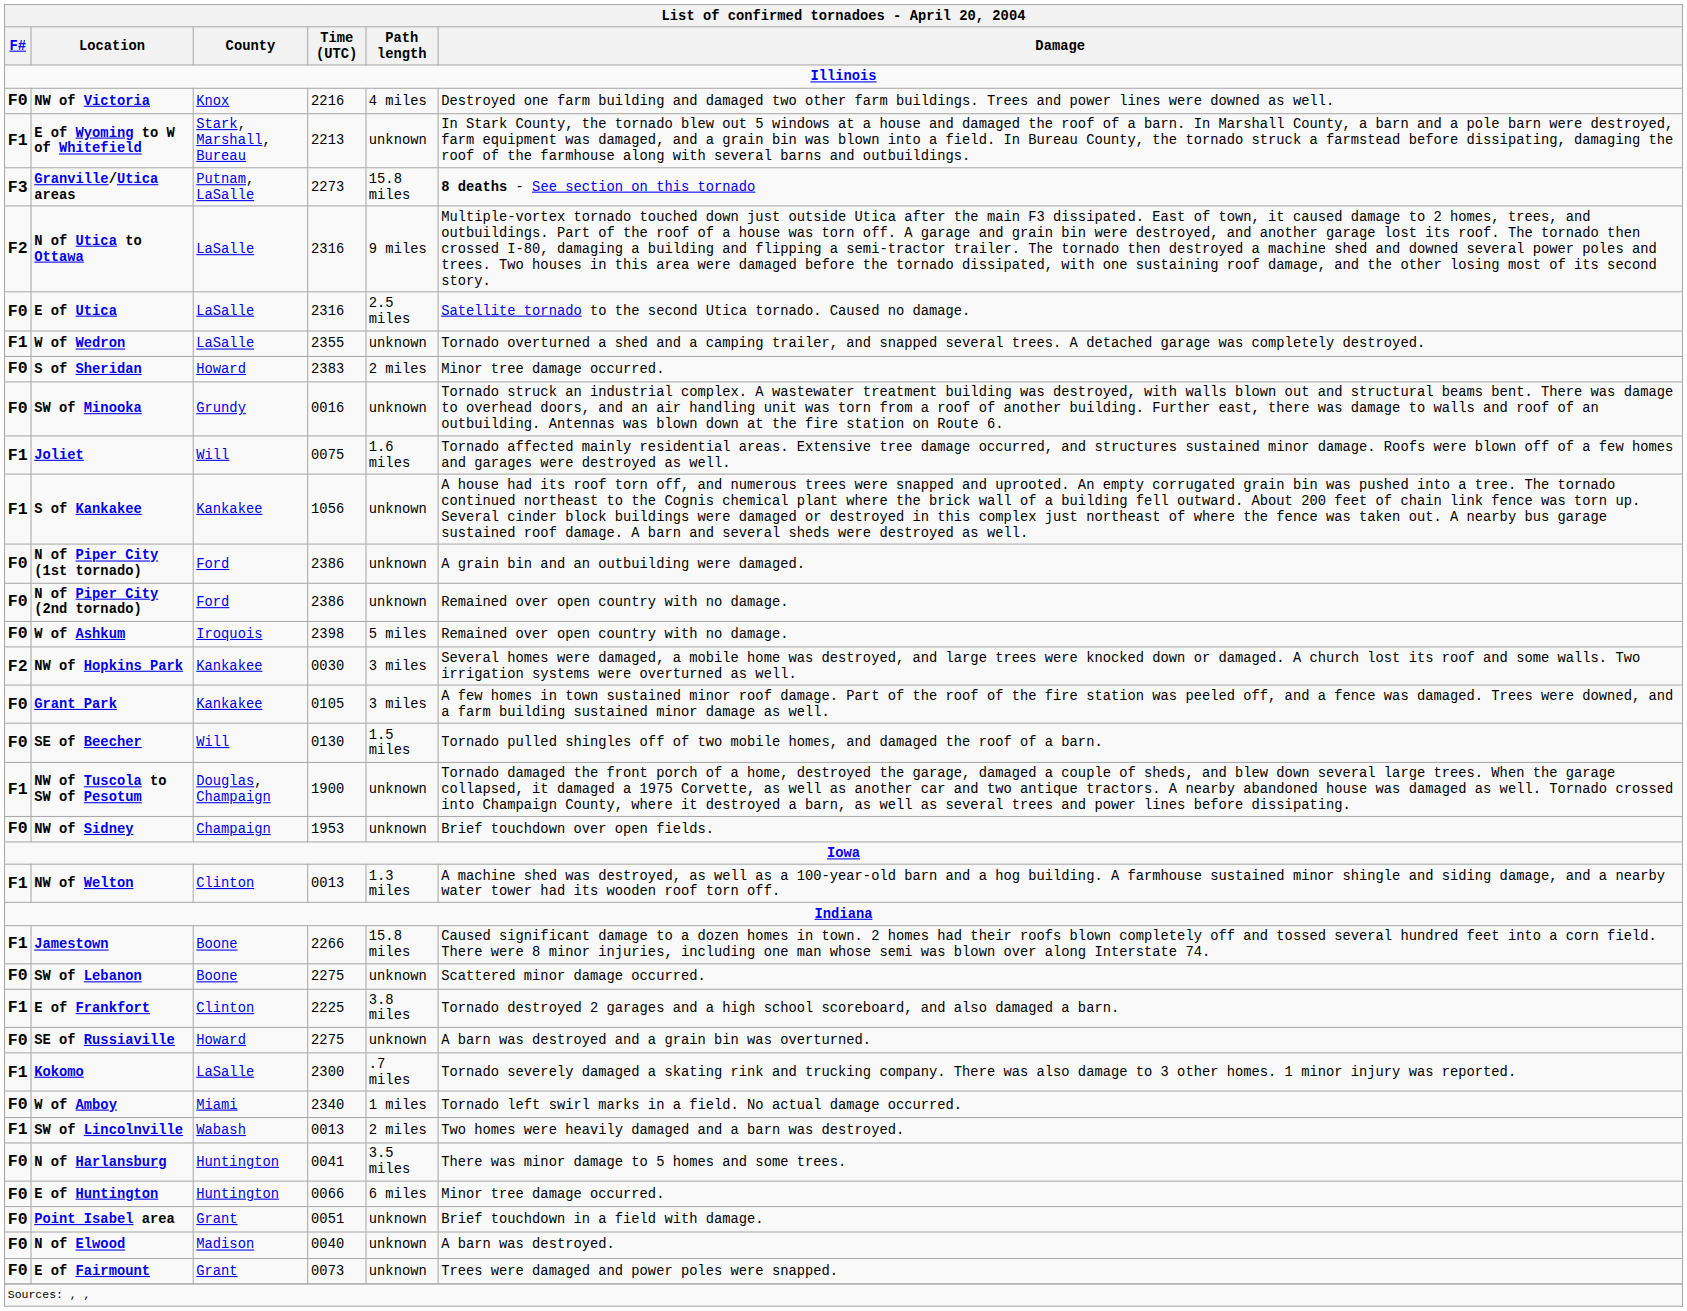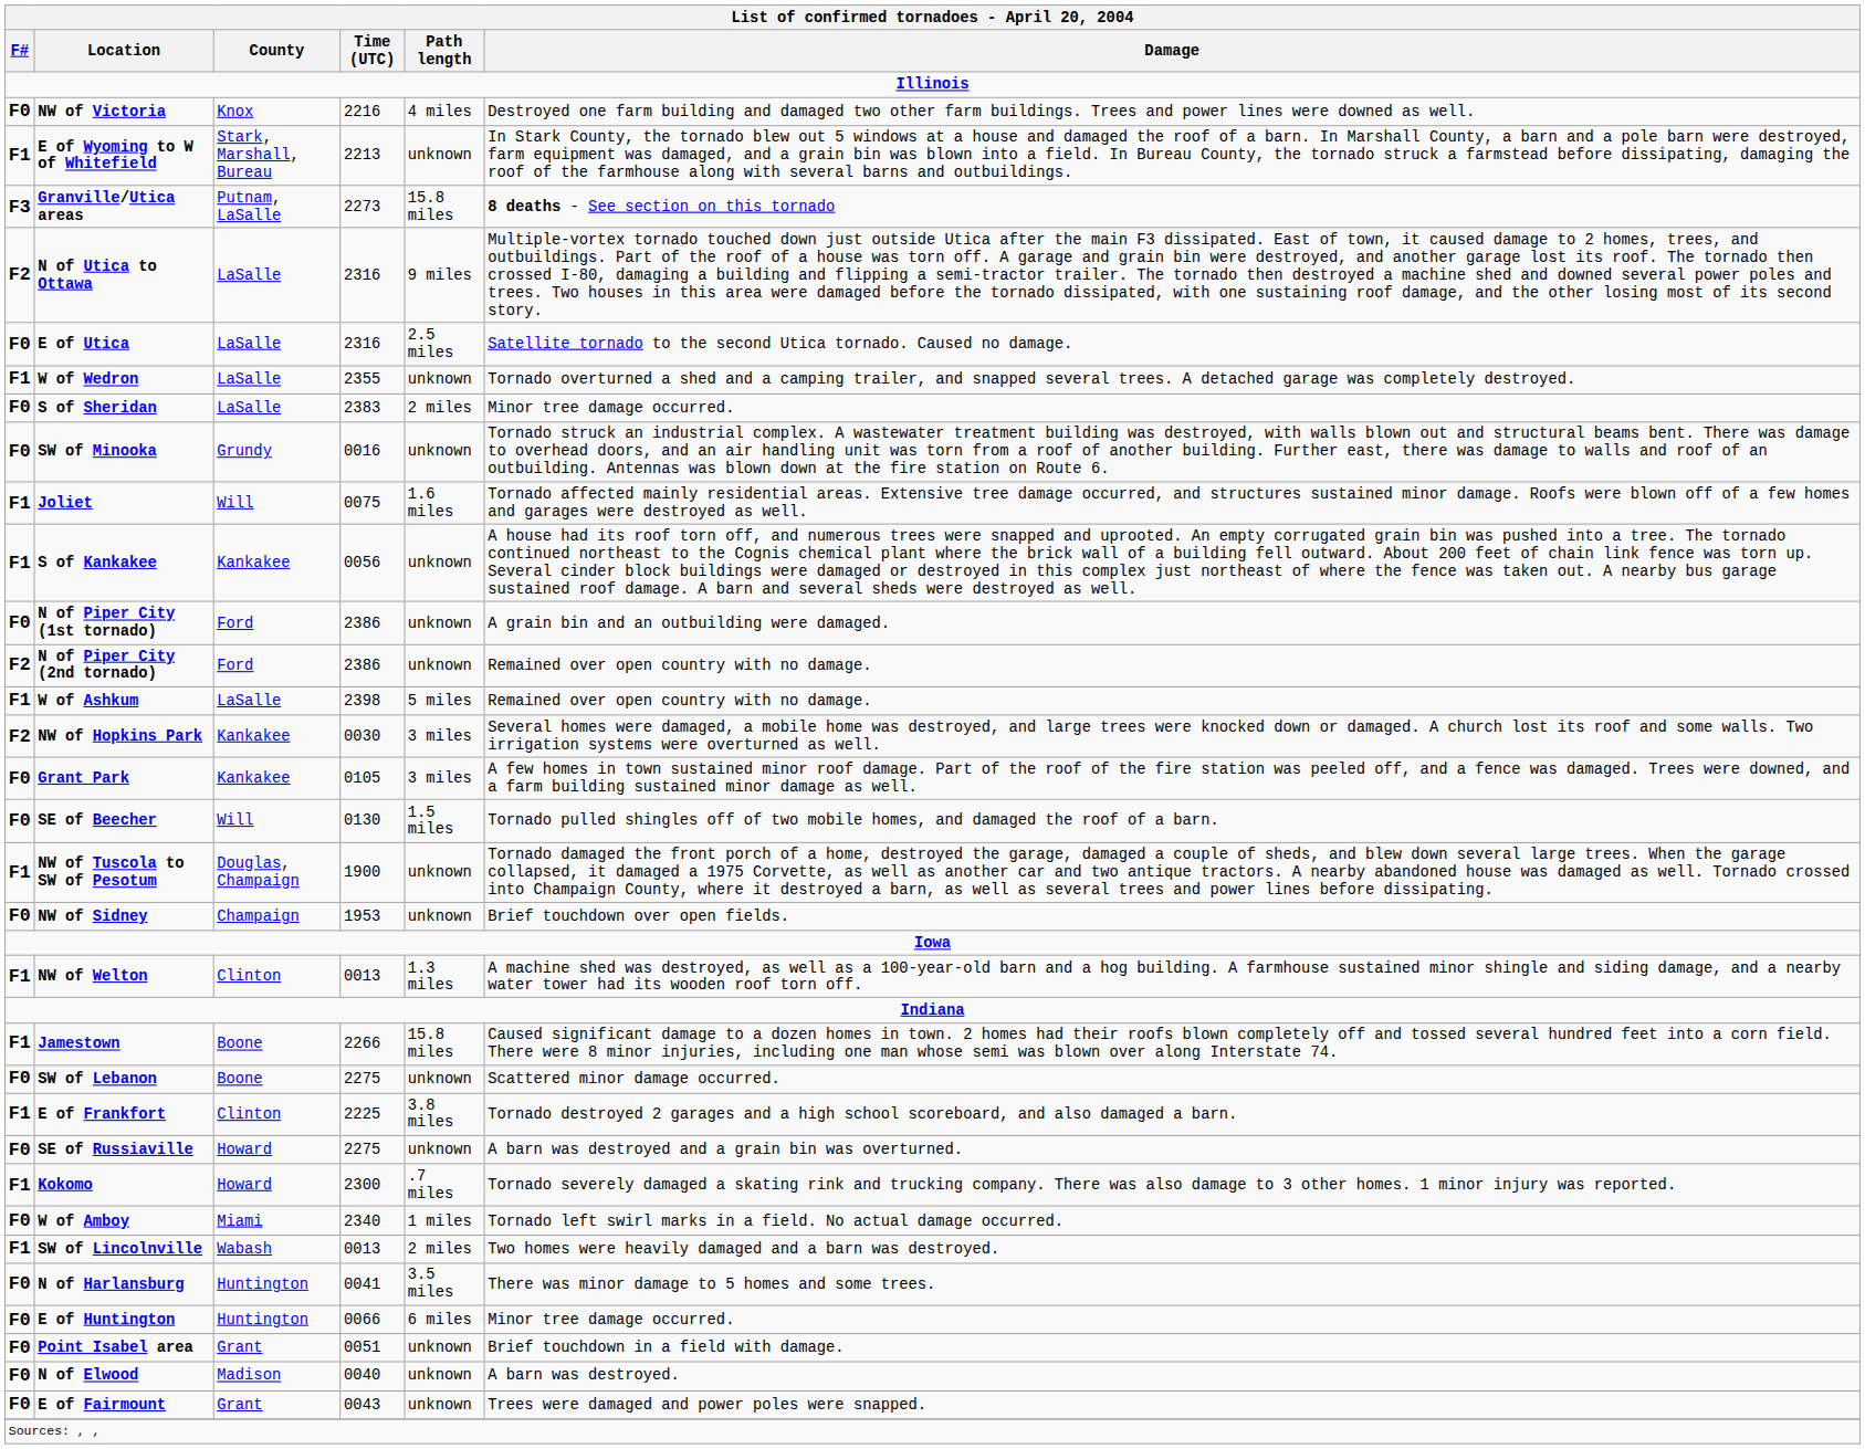 <table class="wikitable collapsible" width="100%">
 <tr>
 <th colspan="6">List of confirmed tornadoes - April 20, 2004</th>
 </tr>
 <tr>
 <th><a href='#'>F#</a></th>
 <th>Location</th>
 <th>County</th>
 <th>Time (UTC)</th>
 <th>Path length</th>
 <th>Damage</th>
 </tr>
 <tr>
 <td colspan="7" align=center><strong><a href='#'>Illinois</a></strong></td>
 </tr>
 <tr>
 <td><big><strong>F0</strong></big></td>
 <td><strong>NW of <a href='#'>Victoria</a></strong></td>
 <td><a href='#'>Knox</a></td>
 <td>2216</td>
 <td>4 miles</td>
 <td>Destroyed one farm building and damaged two other farm buildings. Trees and power lines were downed as well.</td>
 </tr>
 <tr>
 <td><big><strong>F1</strong></big></td>
 <td><strong>E of <a href='#'>Wyoming</a> to W of <a href='#'>Whitefield</a></strong></td>
 <td><a href='#'>Stark</a>, <a href='#'>Marshall</a>, <a href='#'>Bureau</a></td>
 <td>2213</td>
 <td>unknown</td>
 <td>In Stark County, the tornado blew out 5 windows at a house and damaged the roof of a barn. In Marshall County, a barn and a pole barn were destroyed, farm equipment was damaged, and a grain bin was blown into a field. In Bureau County, the tornado struck a farmstead before dissipating, damaging the roof of the farmhouse along with several barns and outbuildings.</td>
 </tr>
 <tr>
 <td><big><strong>F3</strong></big></td>
 <td><strong><a href='#'>Granville</a>/<a href='#'>Utica</a> areas</strong></td>
 <td><a href='#'>Putnam</a>, <a href='#'>LaSalle</a></td>
 <td>2273</td>
 <td>15.8 miles</td>
 <td><strong>8 deaths</strong> - <a href='#'>See section on this tornado</a></td>
 </tr>
 <tr>
 <td><big><strong>F2</strong></big></td>
 <td><strong>N of <a href='#'>Utica</a> to <a href='#'>Ottawa</a></strong></td>
 <td><a href='#'>LaSalle</a></td>
 <td>2316</td>
 <td>9 miles</td>
 <td>Multiple-vortex tornado touched down just outside Utica after the main F3 dissipated. East of town, it caused damage to 2 homes, trees, and outbuildings. Part of the roof of a house was torn off. A garage and grain bin were destroyed, and another garage lost its roof. The tornado then crossed I-80, damaging a building and flipping a semi-tractor trailer. The tornado then destroyed a machine shed and downed several power poles and trees. Two houses in this area were damaged before the tornado dissipated, with one sustaining roof damage, and the other losing most of its second story.</td>
 </tr>
 <tr>
 <td><big><strong>F0</strong></big></td>
 <td><strong>E of <a href='#'>Utica</a></strong></td>
 <td><a href='#'>LaSalle</a></td>
 <td>2316</td>
 <td>2.5 miles</td>
 <td><a href='#'>Satellite tornado</a> to the second Utica tornado. Caused no damage.</td>
 </tr>
 <tr>
 <td><big><strong>F1</strong></big></td>
 <td><strong>W of <a href='#'>Wedron</a></strong></td>
 <td><a href='#'>LaSalle</a></td>
 <td>2355</td>
 <td>unknown</td>
 <td>Tornado overturned a shed and a camping trailer, and snapped several trees. A detached garage was completely destroyed.</td>
 </tr>
 <tr>
 <td><big><strong>F0</strong></big></td>
 <td><strong>S of <a href='#'>Sheridan</a></strong></td>
-<td><a href='#'>Howard</a></td>
+<td><a href='#'>LaSalle</a></td>
 <td>2383</td>
 <td>2 miles</td>
 <td>Minor tree damage occurred.</td>
 </tr>
 <tr>
 <td><big><strong>F0</strong></big></td>
 <td><strong>SW of <a href='#'>Minooka</a></strong></td>
 <td><a href='#'>Grundy</a></td>
 <td>0016</td>
 <td>unknown</td>
 <td>Tornado struck an industrial complex. A wastewater treatment building was destroyed, with walls blown out and structural beams bent. There was damage to overhead doors, and an air handling unit was torn from a roof of another building. Further east, there was damage to walls and roof of an outbuilding. Antennas was blown down at the fire station on Route 6.</td>
 </tr>
 <tr>
 <td><big><strong>F1</strong></big></td>
 <td><strong><a href='#'>Joliet</a></strong></td>
 <td><a href='#'>Will</a></td>
 <td>0075</td>
 <td>1.6 miles</td>
 <td>Tornado affected mainly residential areas. Extensive tree damage occurred, and structures sustained minor damage. Roofs were blown off of a few homes and garages were destroyed as well.</td>
 </tr>
 <tr>
 <td><big><strong>F1</strong></big></td>
 <td><strong>S of <a href='#'>Kankakee</a></strong></td>
 <td><a href='#'>Kankakee</a></td>
-<td>1056</td>
+<td>0056</td>
 <td>unknown</td>
 <td>A house had its roof torn off, and numerous trees were snapped and uprooted. An empty corrugated grain bin was pushed into a tree. The tornado continued northeast to the Cognis chemical plant where the brick wall of a building fell outward. About 200 feet of chain link fence was torn up. Several cinder block buildings were damaged or destroyed in this complex just northeast of where the fence was taken out. A nearby bus garage sustained roof damage. A barn and several sheds were destroyed as well.</td>
 </tr>
 <tr>
 <td><big><strong>F0</strong></big></td>
 <td><strong>N of <a href='#'>Piper City</a> (1st tornado)</strong></td>
 <td><a href='#'>Ford</a></td>
 <td>2386</td>
 <td>unknown</td>
 <td>A grain bin and an outbuilding were damaged.</td>
 </tr>
 <tr>
-<td><big><strong>F0</strong></big></td>
+<td><big><strong>F2</strong></big></td>
 <td><strong>N of <a href='#'>Piper City</a> (2nd tornado)</strong></td>
 <td><a href='#'>Ford</a></td>
 <td>2386</td>
 <td>unknown</td>
 <td>Remained over open country with no damage.</td>
 </tr>
 <tr>
-<td><big><strong>F0</strong></big></td>
+<td><big><strong>F1</strong></big></td>
 <td><strong>W of <a href='#'>Ashkum</a></strong></td>
-<td><a href='#'>Iroquois</a></td>
+<td><a href='#'>LaSalle</a></td>
 <td>2398</td>
 <td>5 miles</td>
 <td>Remained over open country with no damage.</td>
 </tr>
 <tr>
 <td><big><strong>F2</strong></big></td>
 <td><strong>NW of <a href='#'>Hopkins Park</a></strong></td>
 <td><a href='#'>Kankakee</a></td>
 <td>0030</td>
 <td>3 miles</td>
 <td>Several homes were damaged, a mobile home was destroyed, and large trees were knocked down or damaged. A church lost its roof and some walls. Two irrigation systems were overturned as well.</td>
 </tr>
 <tr>
 <td><big><strong>F0</strong></big></td>
 <td><strong><a href='#'>Grant Park</a></strong></td>
 <td><a href='#'>Kankakee</a></td>
 <td>0105</td>
 <td>3 miles</td>
 <td>A few homes in town sustained minor roof damage. Part of the roof of the fire station was peeled off, and a fence was damaged. Trees were downed, and a farm building sustained minor damage as well.</td>
 </tr>
 <tr>
 <td><big><strong>F0</strong></big></td>
 <td><strong>SE of <a href='#'>Beecher</a></strong></td>
 <td><a href='#'>Will</a></td>
 <td>0130</td>
 <td>1.5 miles</td>
 <td>Tornado pulled shingles off of two mobile homes, and damaged the roof of a barn.</td>
 </tr>
 <tr>
 <td><big><strong>F1</strong></big></td>
 <td><strong>NW of <a href='#'>Tuscola</a> to SW of <a href='#'>Pesotum</a></strong></td>
 <td><a href='#'>Douglas</a>, <a href='#'>Champaign</a></td>
 <td>1900</td>
 <td>unknown</td>
 <td>Tornado damaged the front porch of a home, destroyed the garage, damaged a couple of sheds, and blew down several large trees. When the garage collapsed, it damaged a 1975 Corvette, as well as another car and two antique tractors. A nearby abandoned house was damaged as well. Tornado crossed into Champaign County, where it destroyed a barn, as well as several trees and power lines before dissipating.</td>
 </tr>
 <tr>
 <td><big><strong>F0</strong></big></td>
 <td><strong>NW of <a href='#'>Sidney</a></strong></td>
 <td><a href='#'>Champaign</a></td>
 <td>1953</td>
 <td>unknown</td>
 <td>Brief touchdown over open fields.</td>
 </tr>
 <tr>
 <td colspan="7" align=center><strong><a href='#'>Iowa</a></strong></td>
 </tr>
 <tr>
 <td><big><strong>F1</strong></big></td>
 <td><strong>NW of <a href='#'>Welton</a></strong></td>
 <td><a href='#'>Clinton</a></td>
 <td>0013</td>
 <td>1.3 miles</td>
 <td>A machine shed was destroyed, as well as a 100-year-old barn and a hog building. A farmhouse sustained minor shingle and siding damage, and a nearby water tower had its wooden roof torn off.</td>
 </tr>
 <tr>
 <td colspan="7" align=center><strong><a href='#'>Indiana</a></strong></td>
 </tr>
 <tr>
 <td><big><strong>F1</strong></big></td>
 <td><strong><a href='#'>Jamestown</a></strong></td>
 <td><a href='#'>Boone</a></td>
 <td>2266</td>
 <td>15.8 miles</td>
 <td>Caused significant damage to a dozen homes in town. 2 homes had their roofs blown completely off and tossed several hundred feet into a corn field. There were 8 minor injuries, including one man whose semi was blown over along Interstate 74.</td>
 </tr>
 <tr>
 <td><big><strong>F0</strong></big></td>
 <td><strong>SW of <a href='#'>Lebanon</a></strong></td>
 <td><a href='#'>Boone</a></td>
 <td>2275</td>
 <td>unknown</td>
 <td>Scattered minor damage occurred.</td>
 </tr>
 <tr>
 <td><big><strong>F1</strong></big></td>
 <td><strong>E of <a href='#'>Frankfort</a></strong></td>
 <td><a href='#'>Clinton</a></td>
 <td>2225</td>
 <td>3.8 miles</td>
 <td>Tornado destroyed 2 garages and a high school scoreboard, and also damaged a barn.</td>
 </tr>
 <tr>
 <td><big><strong>F0</strong></big></td>
 <td><strong>SE of <a href='#'>Russiaville</a></strong></td>
 <td><a href='#'>Howard</a></td>
 <td>2275</td>
 <td>unknown</td>
 <td>A barn was destroyed and a grain bin was overturned.</td>
 </tr>
 <tr>
 <td><big><strong>F1</strong></big></td>
 <td><strong><a href='#'>Kokomo</a></strong></td>
-<td><a href='#'>LaSalle</a></td>
+<td><a href='#'>Howard</a></td>
 <td>2300</td>
 <td>.7 miles</td>
 <td>Tornado severely damaged a skating rink and trucking company. There was also damage to 3 other homes. 1 minor injury was reported.</td>
 </tr>
 <tr>
 <td><big><strong>F0</strong></big></td>
 <td><strong>W of <a href='#'>Amboy</a></strong></td>
 <td><a href='#'>Miami</a></td>
 <td>2340</td>
 <td>1 miles</td>
 <td>Tornado left swirl marks in a field. No actual damage occurred.</td>
 </tr>
 <tr>
 <td><big><strong>F1</strong></big></td>
 <td><strong>SW of <a href='#'>Lincolnville</a></strong></td>
 <td><a href='#'>Wabash</a></td>
 <td>0013</td>
 <td>2 miles</td>
 <td>Two homes were heavily damaged and a barn was destroyed.</td>
 </tr>
 <tr>
 <td><big><strong>F0</strong></big></td>
 <td><strong>N of <a href='#'>Harlansburg</a></strong></td>
 <td><a href='#'>Huntington</a></td>
 <td>0041</td>
 <td>3.5 miles</td>
 <td>There was minor damage to 5 homes and some trees.</td>
 </tr>
 <tr>
 <td><big><strong>F0</strong></big></td>
 <td><strong>E of <a href='#'>Huntington</a></strong></td>
 <td><a href='#'>Huntington</a></td>
 <td>0066</td>
 <td>6 miles</td>
 <td>Minor tree damage occurred.</td>
 </tr>
 <tr>
 <td><big><strong>F0</strong></big></td>
 <td><strong><a href='#'>Point Isabel</a> area</strong></td>
 <td><a href='#'>Grant</a></td>
 <td>0051</td>
 <td>unknown</td>
 <td>Brief touchdown in a field with damage.</td>
 </tr>
 <tr>
 <td><big><strong>F0</strong></big></td>
 <td><strong>N of <a href='#'>Elwood</a></strong></td>
 <td><a href='#'>Madison</a></td>
 <td>0040</td>
 <td>unknown</td>
 <td>A barn was destroyed.</td>
 </tr>
 <tr>
 <td><big><strong>F0</strong></big></td>
 <td><strong>E of <a href='#'>Fairmount</a></strong></td>
 <td><a href='#'>Grant</a></td>
-<td>0073</td>
+<td>0043</td>
 <td>unknown</td>
 <td>Trees were damaged and power poles were snapped.</td>
 </tr>
 <tr>
 </tr>
 <tr>
 <td colspan="7"><small>Sources: , ,  </small></td>
 </tr>
 </table>
